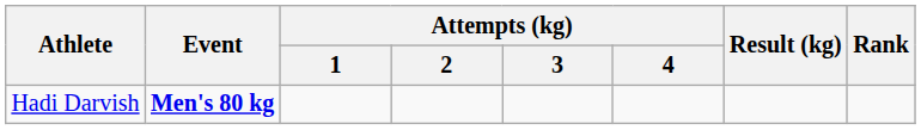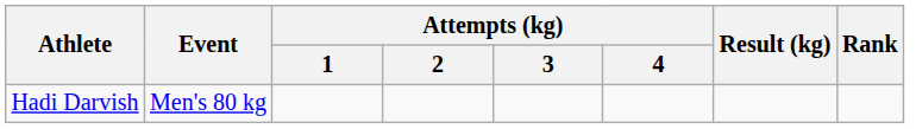 <table class="wikitable" style="font-size:90%">
 <tr>
 <th rowspan="2">Athlete</th>
 <th rowspan="2">Event</th>
 <th colspan="4">Attempts (kg)</th>
 <th rowspan="2">Result (kg)</th>
 <th rowspan="2">Rank</th>
 </tr>
 <tr>
 <th width="60">1</th>
 <th width="60">2</th>
 <th width="60">3</th>
 <th width="60">4</th>
 </tr>
 <tr align="center">
 <td align="left"><a href='#'>Hadi Darvish</a></td>
-<td align="left"><strong><a href='#'>Men's 80 kg</a></strong></td>
+<td align="left"><a href='#'>Men's 80 kg</a></td>
 <td></td>
 <td></td>
 <td></td>
 <td></td>
 <td></td>
 <td></td>
 </tr>
 </table>
